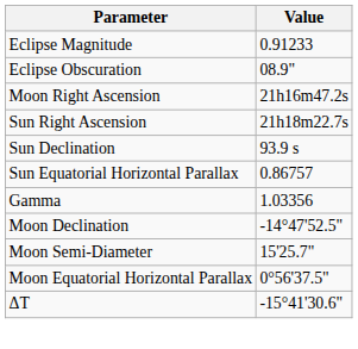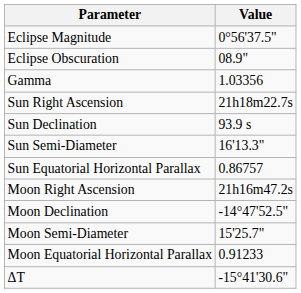 <table class="wikitable">
 <tr>
 <th>Parameter</th>
 <th>Value</th>
 </tr>
 <tr>
 <td>Eclipse Magnitude</td>
-<td>0.91233</td>
+<td>0°56'37.5"</td>
 </tr>
 <tr>
 <td>Eclipse Obscuration</td>
 <td>08.9"</td>
 </tr>
 <tr>
-<td>Moon Right Ascension</td>
-<td>21h16m47.2s</td>
+<td>Gamma</td>
+<td>1.03356</td>
 </tr>
 <tr>
 <td>Sun Right Ascension</td>
 <td>21h18m22.7s</td>
 </tr>
 <tr>
 <td>Sun Declination</td>
 <td>93.9 s</td>
 </tr>
 <tr>
+<td>Sun Semi-Diameter</td>
+<td>16'13.3"</td>
+</tr>
+<tr>
 <td>Sun Equatorial Horizontal Parallax</td>
 <td>0.86757</td>
 </tr>
 <tr>
-<td>Gamma</td>
-<td>1.03356</td>
+<td>Moon Right Ascension</td>
+<td>21h16m47.2s</td>
 </tr>
 <tr>
 <td>Moon Declination</td>
 <td>-14°47'52.5"</td>
 </tr>
 <tr>
 <td>Moon Semi-Diameter</td>
 <td>15'25.7"</td>
 </tr>
 <tr>
 <td>Moon Equatorial Horizontal Parallax</td>
-<td>0°56'37.5"</td>
+<td>0.91233</td>
 </tr>
 <tr>
 <td>ΔT</td>
 <td>-15°41'30.6"</td>
 </tr>
 </table>
